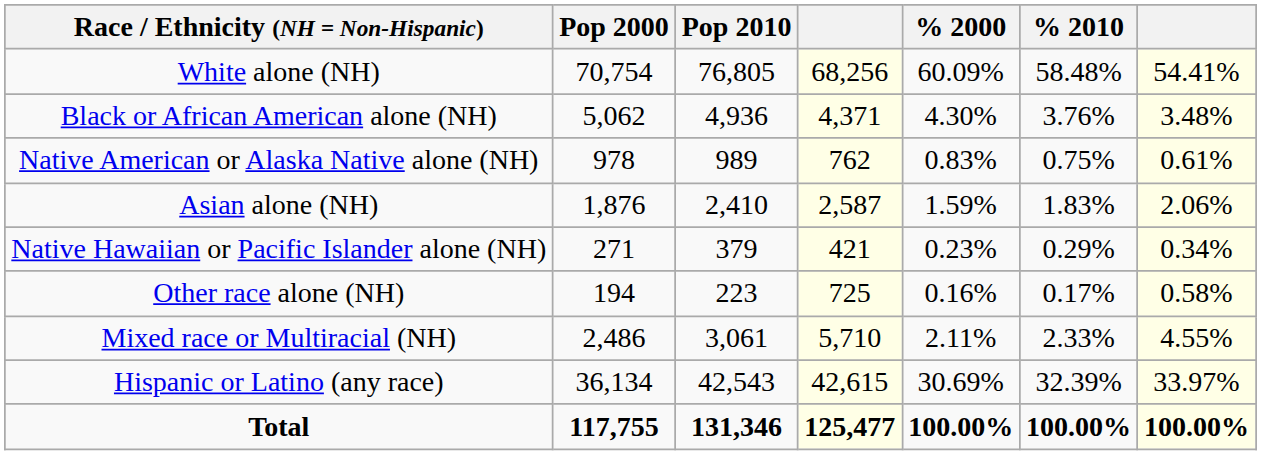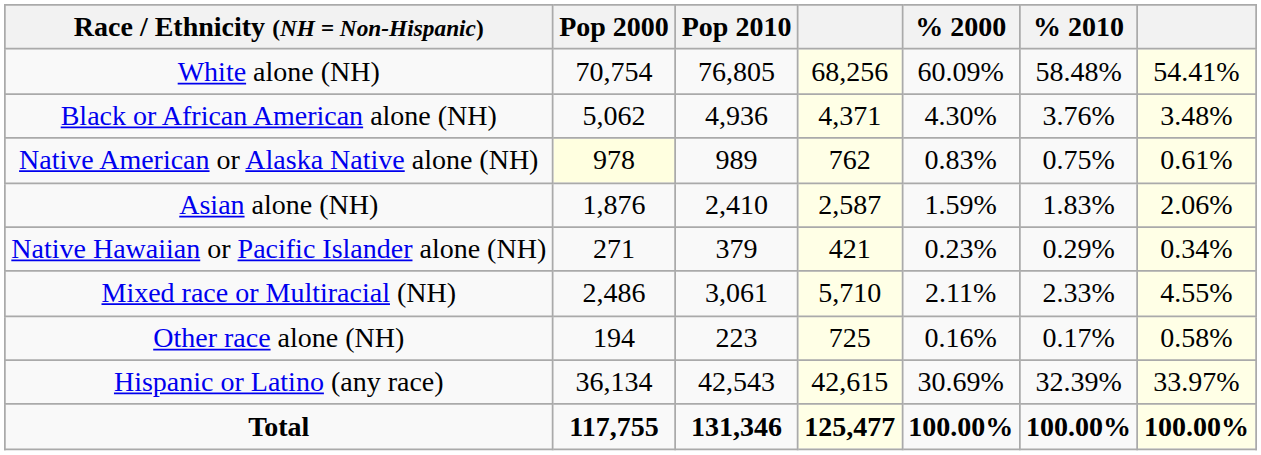 <table class="wikitable" style="text-align:center;">
 <tr>
 <th>Race / Ethnicity <small>(<em>NH = Non-Hispanic</em>)</small></th>
 <th>Pop 2000</th>
 <th>Pop 2010</th>
 <th></th>
 <th>% 2000</th>
 <th>% 2010</th>
 <th></th>
 </tr>
 <tr>
 <td><a href='#'>White</a> alone (NH)</td>
 <td>70,754</td>
 <td>76,805</td>
 <td style='background: #ffffe6;'>68,256</td>
 <td>60.09%</td>
 <td>58.48%</td>
 <td style='background: #ffffe6;'>54.41%</td>
 </tr>
 <tr>
 <td><a href='#'>Black or African American</a> alone (NH)</td>
 <td>5,062</td>
 <td>4,936</td>
 <td style='background: #ffffe6;'>4,371</td>
 <td>4.30%</td>
 <td>3.76%</td>
 <td style='background: #ffffe6;'>3.48%</td>
 </tr>
 <tr>
 <td><a href='#'>Native American</a> or <a href='#'>Alaska Native</a> alone (NH)</td>
-<td>978</td>
+<td style="background: lightyellow;">978</td>
 <td>989</td>
 <td style='background: #ffffe6;'>762</td>
 <td>0.83%</td>
 <td>0.75%</td>
 <td style='background: #ffffe6;'>0.61%</td>
 </tr>
 <tr>
 <td><a href='#'>Asian</a> alone (NH)</td>
 <td>1,876</td>
 <td>2,410</td>
 <td style='background: #ffffe6;'>2,587</td>
 <td>1.59%</td>
 <td>1.83%</td>
 <td style='background: #ffffe6;'>2.06%</td>
 </tr>
 <tr>
 <td><a href='#'>Native Hawaiian</a> or <a href='#'>Pacific Islander</a> alone (NH)</td>
 <td>271</td>
 <td>379</td>
 <td style='background: #ffffe6;'>421</td>
 <td>0.23%</td>
 <td>0.29%</td>
 <td style='background: #ffffe6;'>0.34%</td>
 </tr>
 <tr>
+<td><a href='#'>Mixed race or Multiracial</a> (NH)</td>
+<td>2,486</td>
+<td>3,061</td>
+<td style='background: #ffffe6;'>5,710</td>
+<td>2.11%</td>
+<td>2.33%</td>
+<td style='background: #ffffe6;'>4.55%</td>
+</tr>
+<tr>
 <td><a href='#'>Other race</a> alone (NH)</td>
 <td>194</td>
 <td>223</td>
 <td style='background: #ffffe6;'>725</td>
 <td>0.16%</td>
 <td>0.17%</td>
 <td style='background: #ffffe6;'>0.58%</td>
-</tr>
-<tr>
-<td><a href='#'>Mixed race or Multiracial</a> (NH)</td>
-<td>2,486</td>
-<td>3,061</td>
-<td style='background: #ffffe6;'>5,710</td>
-<td>2.11%</td>
-<td>2.33%</td>
-<td style='background: #ffffe6;'>4.55%</td>
 </tr>
 <tr>
 <td><a href='#'>Hispanic or Latino</a> (any race)</td>
 <td>36,134</td>
 <td>42,543</td>
 <td style='background: #ffffe6;'>42,615</td>
 <td>30.69%</td>
 <td>32.39%</td>
 <td style='background: #ffffe6;'>33.97%</td>
 </tr>
 <tr>
 <td><strong>Total</strong></td>
 <td><strong>117,755</strong></td>
 <td><strong>131,346</strong></td>
 <td style='background: #ffffe6;'><strong>125,477</strong></td>
 <td><strong>100.00%</strong></td>
 <td><strong>100.00%</strong></td>
 <td style='background: #ffffe6;'><strong>100.00%</strong></td>
 </tr>
 </table>
